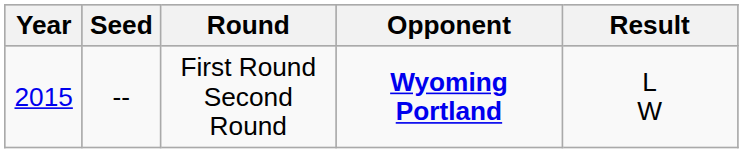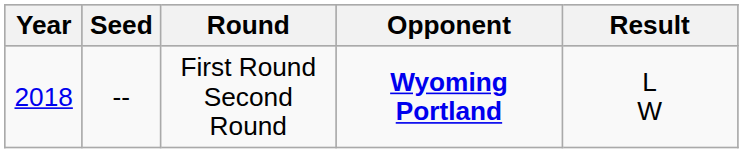 <table class="wikitable">
 <tr>
 <th style="width:40px; ">Year</th>
 <th style="width:40px; ">Seed</th>
 <th style="width:100px; ">Round</th>
 <th style="width:130px; ">Opponent</th>
 <th style="width:100px; ">Result</th>
 </tr>
 <tr align="center">
-<td><a href='#'>2015</a></td>
+<td><a href='#'>2018</a></td>
 <td>--</td>
 <td>First Round <br> Second Round <br></td>
 <td><strong><a href='#'>Wyoming</a><br> <a href='#'>Portland</a> <br></strong></td>
 <td>L<br>W<br></td>
 </tr>
 </table>
